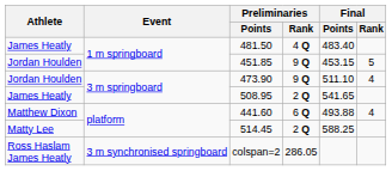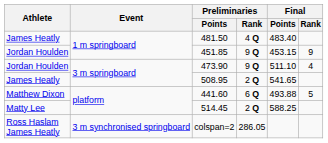 <table class="wikitable" style="font-size:90%;">
 <tr>
 <th rowspan=2>Athlete</th>
 <th rowspan=2>Event</th>
 <th colspan=2>Preliminaries</th>
 <th colspan=2>Final</th>
 </tr>
 <tr style="font-size:95%">
 <th>Points</th>
 <th>Rank</th>
 <th>Points</th>
 <th>Rank</th>
 </tr>
 <tr align=center>
 <td align=left><a href='#'>James Heatly</a></td>
 <td style="text-align:left;" rowspan="2"><a href='#'>1 m springboard</a></td>
 <td>481.50</td>
 <td>4 <strong>Q</strong></td>
 <td>483.40</td>
 <td></td>
 </tr>
 <tr align=center>
 <td align=left><a href='#'>Jordan Houlden</a></td>
 <td>451.85</td>
 <td>9 <strong>Q</strong></td>
 <td>453.15</td>
-<td>5</td>
+<td>9</td>
 </tr>
 <tr align=center>
 <td align=left><a href='#'>Jordan Houlden</a></td>
 <td style="text-align:left;" rowspan="2"><a href='#'>3 m springboard</a></td>
 <td>473.90</td>
 <td>9 <strong>Q</strong></td>
 <td>511.10</td>
 <td>4</td>
 </tr>
 <tr align=center>
 <td align=left><a href='#'>James Heatly</a></td>
 <td>508.95</td>
 <td>2 <strong>Q</strong></td>
 <td>541.65</td>
 <td></td>
 </tr>
 <tr align=center>
 <td align=left><a href='#'>Matthew Dixon</a></td>
 <td style="text-align:left;" rowspan="2"><a href='#'>platform</a></td>
 <td>441.60</td>
 <td>6 <strong>Q</strong></td>
 <td>493.88</td>
-<td>4</td>
+<td>5</td>
 </tr>
 <tr align=center>
 <td align=left><a href='#'>Matty Lee</a></td>
 <td>514.45</td>
 <td>2 <strong>Q</strong></td>
 <td>588.25</td>
 <td></td>
 </tr>
 <tr align=center>
 <td align=left><a href='#'>Ross Haslam</a><br><a href='#'>James Heatly</a></td>
 <td align=left><a href='#'>3 m synchronised springboard</a></td>
 <td>colspan=2 </td>
 <td>286.05</td>
 <td></td>
 </tr>
 </table>
